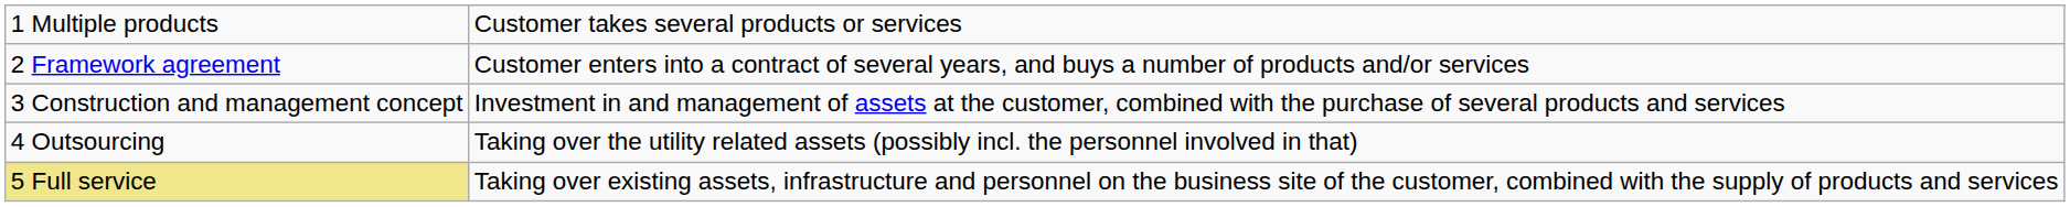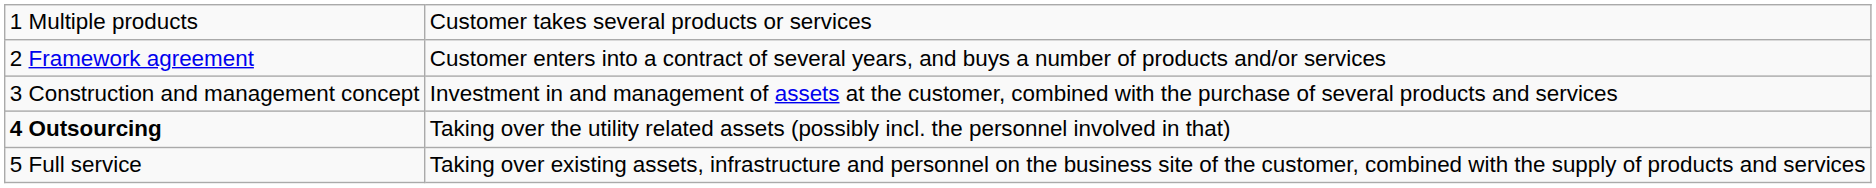 <table class="wikitable">
 <tr>
 <td>1 Multiple products</td>
 <td>Customer takes several products or services</td>
 </tr>
 <tr>
 <td>2 <a href='#'>Framework agreement</a></td>
 <td>Customer enters into a contract of several years, and buys a number of products and/or services</td>
 </tr>
 <tr>
 <td>3 Construction and management concept</td>
 <td>Investment in and management of <a href='#'>assets</a> at the customer, combined with the purchase of several products and services</td>
 </tr>
 <tr>
-<td>4 Outsourcing</td>
+<td><strong>4 Outsourcing</strong></td>
 <td>Taking over the utility related assets (possibly incl. the personnel involved in that)</td>
 </tr>
 <tr>
-<td style="background: khaki;">5 Full service</td>
+<td>5 Full service</td>
 <td>Taking over existing assets, infrastructure and personnel on the business site of the customer, combined with the supply of products and services</td>
 </tr>
 </table>
